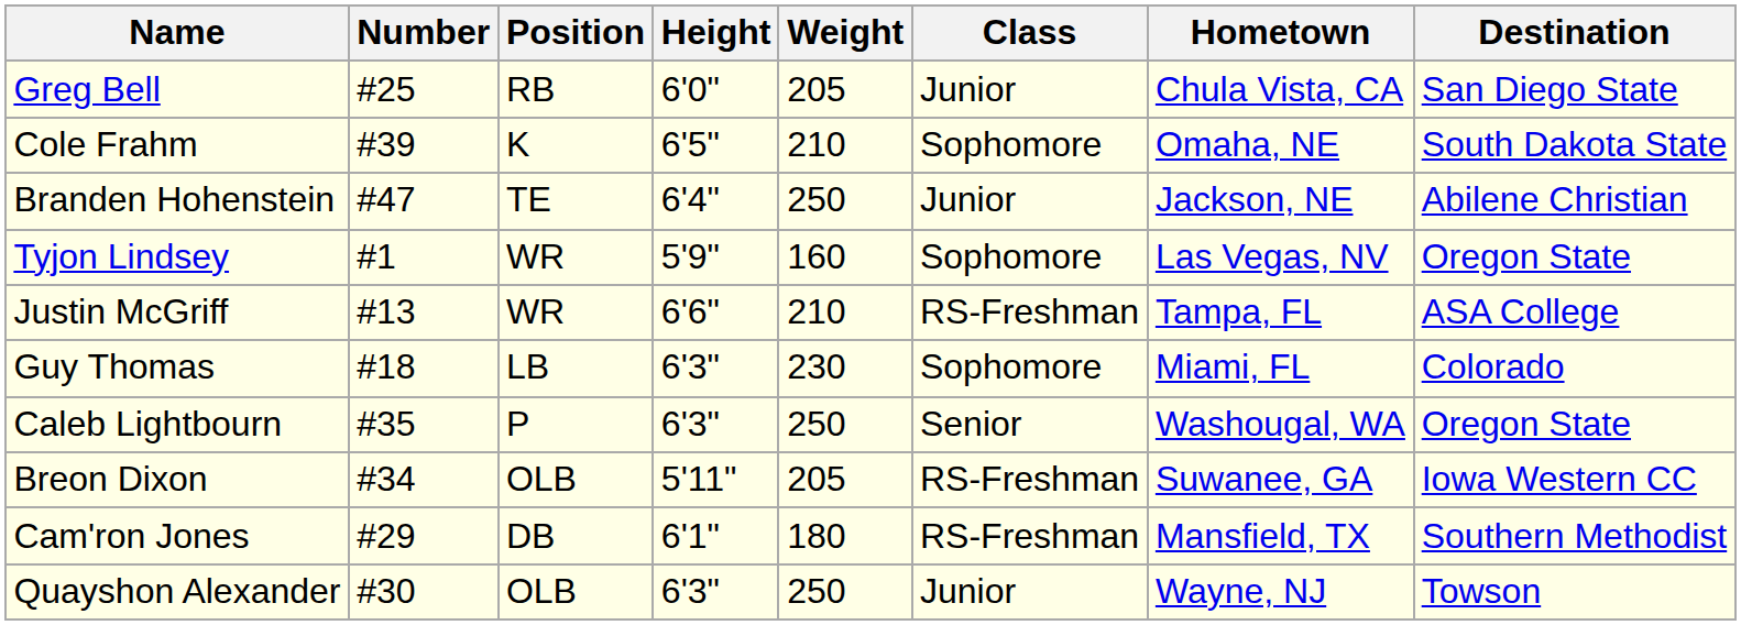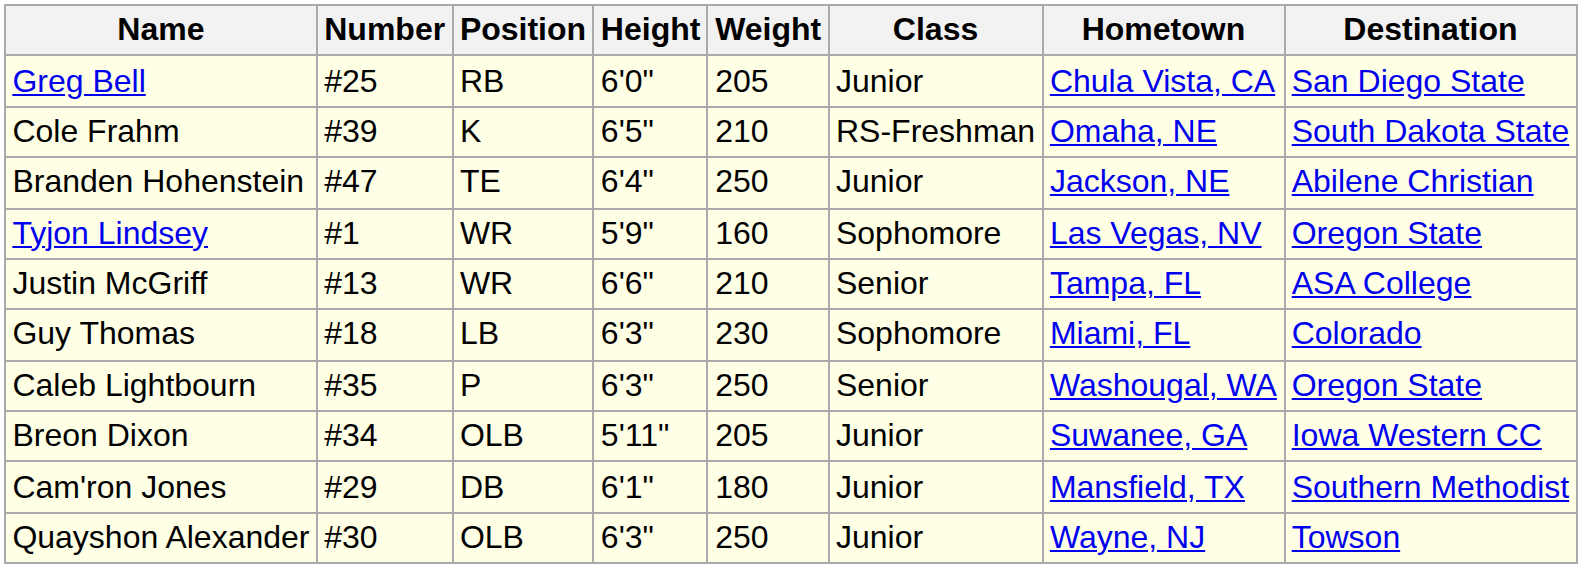 <table class="wikitable sortable">
 <tr>
 <th>Name</th>
 <th>Number</th>
 <th>Position</th>
 <th>Height</th>
 <th>Weight</th>
 <th>Class</th>
 <th>Hometown</th>
 <th>Destination</th>
 </tr>
 <tr style="background:#FFFFE6;">
 <td><a href='#'>Greg Bell</a></td>
 <td>#25</td>
 <td>RB</td>
 <td>6'0"</td>
 <td>205</td>
 <td>Junior</td>
 <td><a href='#'>Chula Vista, CA</a></td>
 <td><a href='#'>San Diego State</a></td>
 </tr>
 <tr style="background:#FFFFE6;">
 <td>Cole Frahm</td>
 <td>#39</td>
 <td>K</td>
 <td>6'5"</td>
 <td>210</td>
-<td>Sophomore</td>
+<td>RS-Freshman</td>
 <td><a href='#'>Omaha, NE</a></td>
 <td><a href='#'>South Dakota State</a></td>
 </tr>
 <tr style="background:#FFFFE6;">
 <td>Branden Hohenstein</td>
 <td>#47</td>
 <td>TE</td>
 <td>6'4"</td>
 <td>250</td>
 <td>Junior</td>
 <td><a href='#'>Jackson, NE</a></td>
 <td><a href='#'>Abilene Christian</a></td>
 </tr>
 <tr style="background:#FFFFE6;">
 <td><a href='#'>Tyjon Lindsey</a></td>
 <td>#1</td>
 <td>WR</td>
 <td>5'9"</td>
 <td>160</td>
 <td>Sophomore</td>
 <td><a href='#'>Las Vegas, NV</a></td>
 <td><a href='#'>Oregon State</a></td>
 </tr>
 <tr style="background:#FFFFE6;">
 <td>Justin McGriff</td>
 <td>#13</td>
 <td>WR</td>
 <td>6'6"</td>
 <td>210</td>
-<td>RS-Freshman</td>
+<td>Senior</td>
 <td><a href='#'>Tampa, FL</a></td>
 <td><a href='#'>ASA College</a></td>
 </tr>
 <tr style="background:#FFFFE6;">
 <td>Guy Thomas</td>
 <td>#18</td>
 <td>LB</td>
 <td>6'3"</td>
 <td>230</td>
 <td>Sophomore</td>
 <td><a href='#'>Miami, FL</a></td>
 <td><a href='#'>Colorado</a></td>
 </tr>
 <tr style="background:#FFFFE6;">
 <td>Caleb Lightbourn</td>
 <td>#35</td>
 <td>P</td>
 <td>6'3"</td>
 <td>250</td>
 <td>Senior</td>
 <td><a href='#'>Washougal, WA</a></td>
 <td><a href='#'>Oregon State</a></td>
 </tr>
 <tr style="background:#FFFFE6;">
 <td>Breon Dixon</td>
 <td>#34</td>
 <td>OLB</td>
 <td>5'11"</td>
 <td>205</td>
-<td>RS-Freshman</td>
+<td>Junior</td>
 <td><a href='#'>Suwanee, GA</a></td>
 <td><a href='#'>Iowa Western CC</a></td>
 </tr>
 <tr style="background:#FFFFE6;">
 <td>Cam'ron Jones</td>
 <td>#29</td>
 <td>DB</td>
 <td>6'1"</td>
 <td>180</td>
-<td>RS-Freshman</td>
+<td>Junior</td>
 <td><a href='#'>Mansfield, TX</a></td>
 <td><a href='#'>Southern Methodist</a></td>
 </tr>
 <tr style="background:#FFFFE6;">
 <td>Quayshon Alexander</td>
 <td>#30</td>
 <td>OLB</td>
 <td>6'3"</td>
 <td>250</td>
 <td>Junior</td>
 <td><a href='#'>Wayne, NJ</a></td>
 <td><a href='#'>Towson</a></td>
 </tr>
 </table>
